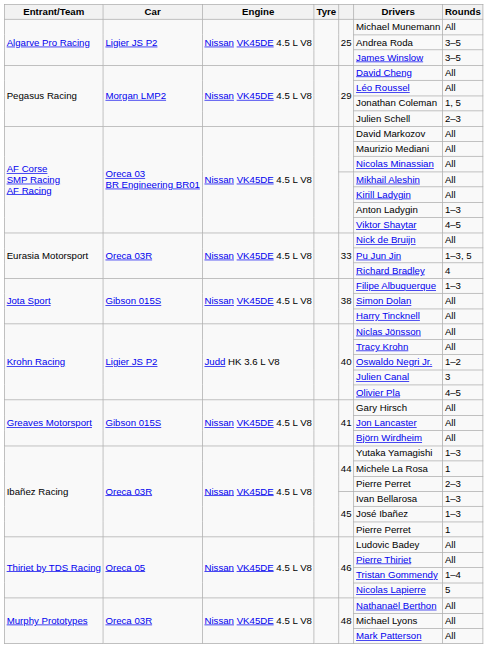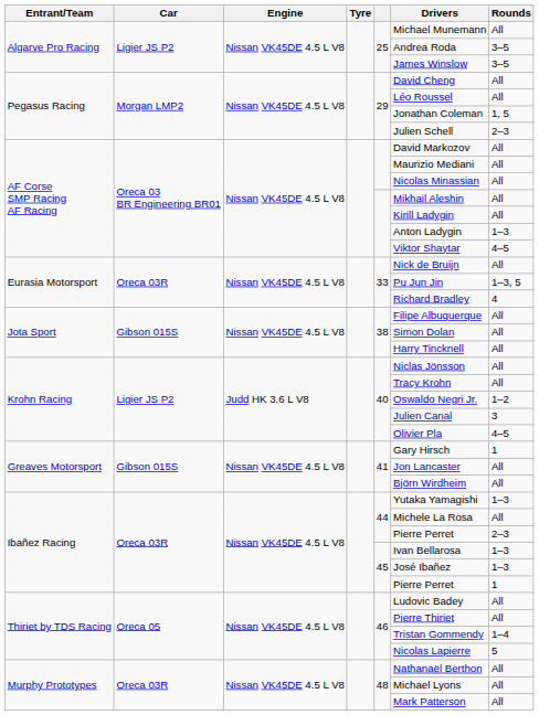 <table class="wikitable" style="font-size: 85%">
 <tr>
 <th>Entrant/Team</th>
 <th>Car</th>
 <th>Engine</th>
 <th>Tyre</th>
 <th></th>
 <th>Drivers</th>
 <th>Rounds</th>
 </tr>
 <tr>
 <td rowspan=3> <a href='#'>Algarve Pro Racing</a></td>
 <td rowspan=3><a href='#'>Ligier JS P2</a></td>
 <td rowspan=3><a href='#'>Nissan</a> <a href='#'>VK45DE</a> 4.5 L V8</td>
 <td rowspan=3></td>
 <td rowspan=3>25</td>
 <td> Michael Munemann</td>
 <td>All</td>
 </tr>
 <tr>
 <td> Andrea Roda</td>
 <td>3–5</td>
 </tr>
 <tr>
 <td> <a href='#'>James Winslow</a></td>
 <td>3–5</td>
 </tr>
 <tr>
 <td rowspan=4> Pegasus Racing</td>
 <td rowspan=4><a href='#'>Morgan LMP2</a></td>
 <td rowspan=4><a href='#'>Nissan</a> <a href='#'>VK45DE</a> 4.5 L V8</td>
 <td rowspan=4></td>
 <td rowspan=4>29</td>
 <td> <a href='#'>David Cheng</a></td>
 <td>All</td>
 </tr>
 <tr>
 <td> <a href='#'>Léo Roussel</a></td>
 <td>All</td>
 </tr>
 <tr>
 <td> Jonathan Coleman</td>
 <td>1, 5</td>
 </tr>
 <tr>
 <td> Julien Schell</td>
 <td>2–3</td>
 </tr>
 <tr>
 <td rowspan=7> <a href='#'>AF Corse</a><br> <a href='#'>SMP Racing</a><br> <a href='#'>AF Racing</a></td>
 <td rowspan=7><a href='#'>Oreca 03</a><br><a href='#'>BR Engineering BR01</a></td>
 <td rowspan=7><a href='#'>Nissan</a> <a href='#'>VK45DE</a> 4.5 L V8</td>
 <td rowspan=7><br></td>
 <td rowspan=3><br><br></td>
 <td> David Markozov</td>
 <td>All</td>
 </tr>
 <tr>
 <td> Maurizio Mediani</td>
 <td>All</td>
 </tr>
 <tr>
 <td> <a href='#'>Nicolas Minassian</a></td>
 <td>All</td>
 </tr>
 <tr>
 <td rowspan=4><br><br></td>
 <td> <a href='#'>Mikhail Aleshin</a></td>
 <td>All</td>
 </tr>
 <tr>
 <td> <a href='#'>Kirill Ladygin</a></td>
 <td>All</td>
 </tr>
 <tr>
 <td> Anton Ladygin</td>
 <td>1–3</td>
 </tr>
 <tr>
 <td> <a href='#'>Viktor Shaytar</a></td>
 <td>4–5</td>
 </tr>
 <tr>
 <td rowspan=3> Eurasia Motorsport</td>
 <td rowspan=3><a href='#'>Oreca 03R</a></td>
 <td rowspan=3><a href='#'>Nissan</a> <a href='#'>VK45DE</a> 4.5 L V8</td>
 <td rowspan=3></td>
 <td rowspan=3>33</td>
 <td> <a href='#'>Nick de Bruijn</a></td>
 <td>All</td>
 </tr>
 <tr>
 <td> <a href='#'>Pu Jun Jin</a></td>
 <td>1–3, 5</td>
 </tr>
 <tr>
 <td> <a href='#'>Richard Bradley</a></td>
 <td>4</td>
 </tr>
 <tr>
 <td rowspan=3> <a href='#'>Jota Sport</a></td>
 <td rowspan=3><a href='#'>Gibson 015S</a></td>
 <td rowspan=3><a href='#'>Nissan</a> <a href='#'>VK45DE</a> 4.5 L V8</td>
 <td rowspan=3></td>
 <td rowspan=3>38</td>
 <td> <a href='#'>Filipe Albuquerque</a></td>
-<td>1–3</td>
+<td>All</td>
 </tr>
 <tr>
 <td> <a href='#'>Simon Dolan</a></td>
 <td>All</td>
 </tr>
 <tr>
 <td> <a href='#'>Harry Tincknell</a></td>
 <td>All</td>
 </tr>
 <tr>
 <td rowspan=5> <a href='#'>Krohn Racing</a></td>
 <td rowspan=5><a href='#'>Ligier JS P2</a></td>
 <td rowspan=5><a href='#'>Judd</a> HK 3.6 L V8</td>
 <td rowspan=5></td>
 <td rowspan=5>40</td>
 <td> <a href='#'>Niclas Jönsson</a></td>
 <td>All</td>
 </tr>
 <tr>
 <td> <a href='#'>Tracy Krohn</a></td>
 <td>All</td>
 </tr>
 <tr>
 <td> <a href='#'>Oswaldo Negri Jr.</a></td>
 <td>1–2</td>
 </tr>
 <tr>
 <td> <a href='#'>Julien Canal</a></td>
 <td>3</td>
 </tr>
 <tr>
 <td> <a href='#'>Olivier Pla</a></td>
 <td>4–5</td>
 </tr>
 <tr>
 <td rowspan=3> <a href='#'>Greaves Motorsport</a></td>
 <td rowspan=3><a href='#'>Gibson 015S</a></td>
 <td rowspan=3><a href='#'>Nissan</a> <a href='#'>VK45DE</a> 4.5 L V8</td>
 <td rowspan=3></td>
 <td rowspan=3>41</td>
 <td> Gary Hirsch</td>
-<td>All</td>
+<td>1</td>
 </tr>
 <tr>
 <td> <a href='#'>Jon Lancaster</a></td>
 <td>All</td>
 </tr>
 <tr>
 <td> <a href='#'>Björn Wirdheim</a></td>
 <td>All</td>
 </tr>
 <tr>
 <td rowspan=6> Ibañez Racing</td>
 <td rowspan=6><a href='#'>Oreca 03R</a></td>
 <td rowspan=6><a href='#'>Nissan</a> <a href='#'>VK45DE</a> 4.5 L V8</td>
 <td rowspan=6></td>
 <td rowspan=3>44</td>
 <td> Yutaka Yamagishi</td>
 <td>1–3</td>
 </tr>
 <tr>
 <td> Michele La Rosa</td>
-<td>1</td>
+<td>All</td>
 </tr>
 <tr>
 <td> Pierre Perret</td>
 <td>2–3</td>
 </tr>
 <tr>
 <td rowspan=3>45</td>
 <td> Ivan Bellarosa</td>
 <td>1–3</td>
 </tr>
 <tr>
 <td> José Ibañez</td>
 <td>1–3</td>
 </tr>
 <tr>
 <td> Pierre Perret</td>
 <td>1</td>
 </tr>
 <tr>
 <td rowspan=4> <a href='#'>Thiriet by TDS Racing</a></td>
 <td rowspan=4><a href='#'>Oreca 05</a></td>
 <td rowspan=4><a href='#'>Nissan</a> <a href='#'>VK45DE</a> 4.5 L V8</td>
 <td rowspan=4></td>
 <td rowspan=4>46</td>
 <td> Ludovic Badey</td>
 <td>All</td>
 </tr>
 <tr>
 <td> <a href='#'>Pierre Thiriet</a></td>
 <td>All</td>
 </tr>
 <tr>
 <td> <a href='#'>Tristan Gommendy</a></td>
 <td>1–4</td>
 </tr>
 <tr>
 <td> <a href='#'>Nicolas Lapierre</a></td>
 <td>5</td>
 </tr>
 <tr>
 <td rowspan=3> <a href='#'>Murphy Prototypes</a></td>
 <td rowspan=3><a href='#'>Oreca 03R</a></td>
 <td rowspan=3><a href='#'>Nissan</a> <a href='#'>VK45DE</a> 4.5 L V8</td>
 <td rowspan=3></td>
 <td rowspan=3>48</td>
 <td> <a href='#'>Nathanaël Berthon</a></td>
 <td>All</td>
 </tr>
 <tr>
 <td> Michael Lyons</td>
 <td>All</td>
 </tr>
 <tr>
 <td> <a href='#'>Mark Patterson</a></td>
 <td>All</td>
 </tr>
 </table>
